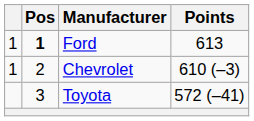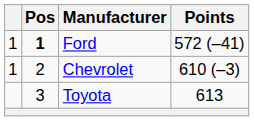 <table class="wikitable" style="font-size: 95%">
 <tr>
 <th></th>
 <th>Pos</th>
 <th>Manufacturer</th>
 <th>Points</th>
 </tr>
 <tr>
 <td align="left"> 1</td>
 <td style="text-align:center;"><strong>1</strong></td>
 <td><a href='#'>Ford</a></td>
-<td style="text-align:center;">613</td>
+<td style="text-align:center;">572 (–41)</td>
 </tr>
 <tr>
 <td align="left"> 1</td>
 <td style="text-align:center;">2</td>
 <td><a href='#'>Chevrolet</a></td>
 <td style="text-align:center;">610 (–3)</td>
 </tr>
 <tr>
 <td align="left"></td>
 <td style="text-align:center;">3</td>
 <td><a href='#'>Toyota</a></td>
-<td style="text-align:center;">572 (–41)</td>
+<td style="text-align:center;">613</td>
 </tr>
 <tr class="sortbottom">
 <th colspan="9"></th>
 </tr>
 </table>
